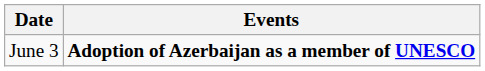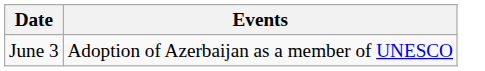 <table class="wikitable">
 <tr>
 <th>Date</th>
 <th>Events</th>
 </tr>
 <tr>
 <td>June 3</td>
-<td><strong>Adoption of Azerbaijan as a member of <a href='#'>UNESCO</a></strong></td>
+<td>Adoption of Azerbaijan as a member of <a href='#'>UNESCO</a></td>
 </tr>
 </table>
